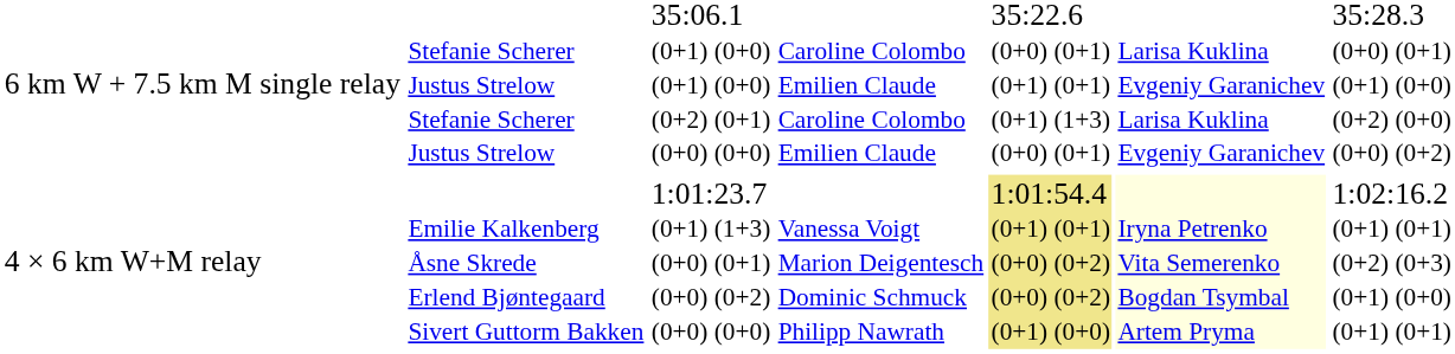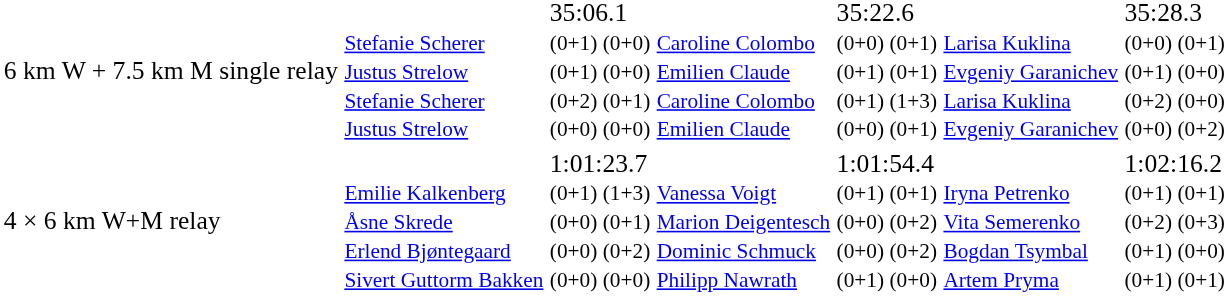 <table>
 <tr>
 <td>6 km W + 7.5 km M single relay<br><em></em></td>
 <td><br><small><a href='#'>Stefanie Scherer</a><br><a href='#'>Justus Strelow</a><br><a href='#'>Stefanie Scherer</a><br><a href='#'>Justus Strelow</a></small></td>
 <td>35:06.1<br><small>(0+1) (0+0)<br>(0+1) (0+0)<br>(0+2) (0+1)<br>(0+0) (0+0)</small></td>
 <td><br><small><a href='#'>Caroline Colombo</a><br><a href='#'>Emilien Claude</a><br><a href='#'>Caroline Colombo</a><br><a href='#'>Emilien Claude</a></small></td>
 <td>35:22.6<br><small>(0+0) (0+1)<br>(0+1) (0+1)<br>(0+1) (1+3)<br>(0+0) (0+1)</small></td>
 <td><br><small><a href='#'>Larisa Kuklina</a><br><a href='#'>Evgeniy Garanichev</a><br><a href='#'>Larisa Kuklina</a><br><a href='#'>Evgeniy Garanichev</a></small></td>
 <td>35:28.3<br><small>(0+0) (0+1)<br>(0+1) (0+0)<br>(0+2) (0+0)<br>(0+0) (0+2)</small></td>
 </tr>
 <tr>
 <td>4 × 6 km W+M relay<br><em></em></td>
 <td><br><small><a href='#'>Emilie Kalkenberg</a><br><a href='#'>Åsne Skrede</a><br><a href='#'>Erlend Bjøntegaard</a><br><a href='#'>Sivert Guttorm Bakken</a></small></td>
 <td>1:01:23.7<br><small>(0+1) (1+3)<br>(0+0) (0+1)<br>(0+0) (0+2)<br>(0+0) (0+0)</small></td>
 <td><br><small><a href='#'>Vanessa Voigt</a><br><a href='#'>Marion Deigentesch</a><br><a href='#'>Dominic Schmuck</a><br><a href='#'>Philipp Nawrath</a></small></td>
-<td style="background: khaki;">1:01:54.4<br><small>(0+1) (0+1)<br>(0+0) (0+2)<br>(0+0) (0+2)<br>(0+1) (0+0)</small></td>
-<td style="background: lightyellow;"><br><small><a href='#'>Iryna Petrenko</a><br><a href='#'>Vita Semerenko</a><br><a href='#'>Bogdan Tsymbal</a><br><a href='#'>Artem Pryma</a></small></td>
+<td>1:01:54.4<br><small>(0+1) (0+1)<br>(0+0) (0+2)<br>(0+0) (0+2)<br>(0+1) (0+0)</small></td>
+<td><br><small><a href='#'>Iryna Petrenko</a><br><a href='#'>Vita Semerenko</a><br><a href='#'>Bogdan Tsymbal</a><br><a href='#'>Artem Pryma</a></small></td>
 <td>1:02:16.2<br><small>(0+1) (0+1)<br>(0+2) (0+3)<br>(0+1) (0+0)<br>(0+1) (0+1)</small></td>
 </tr>
 </table>
